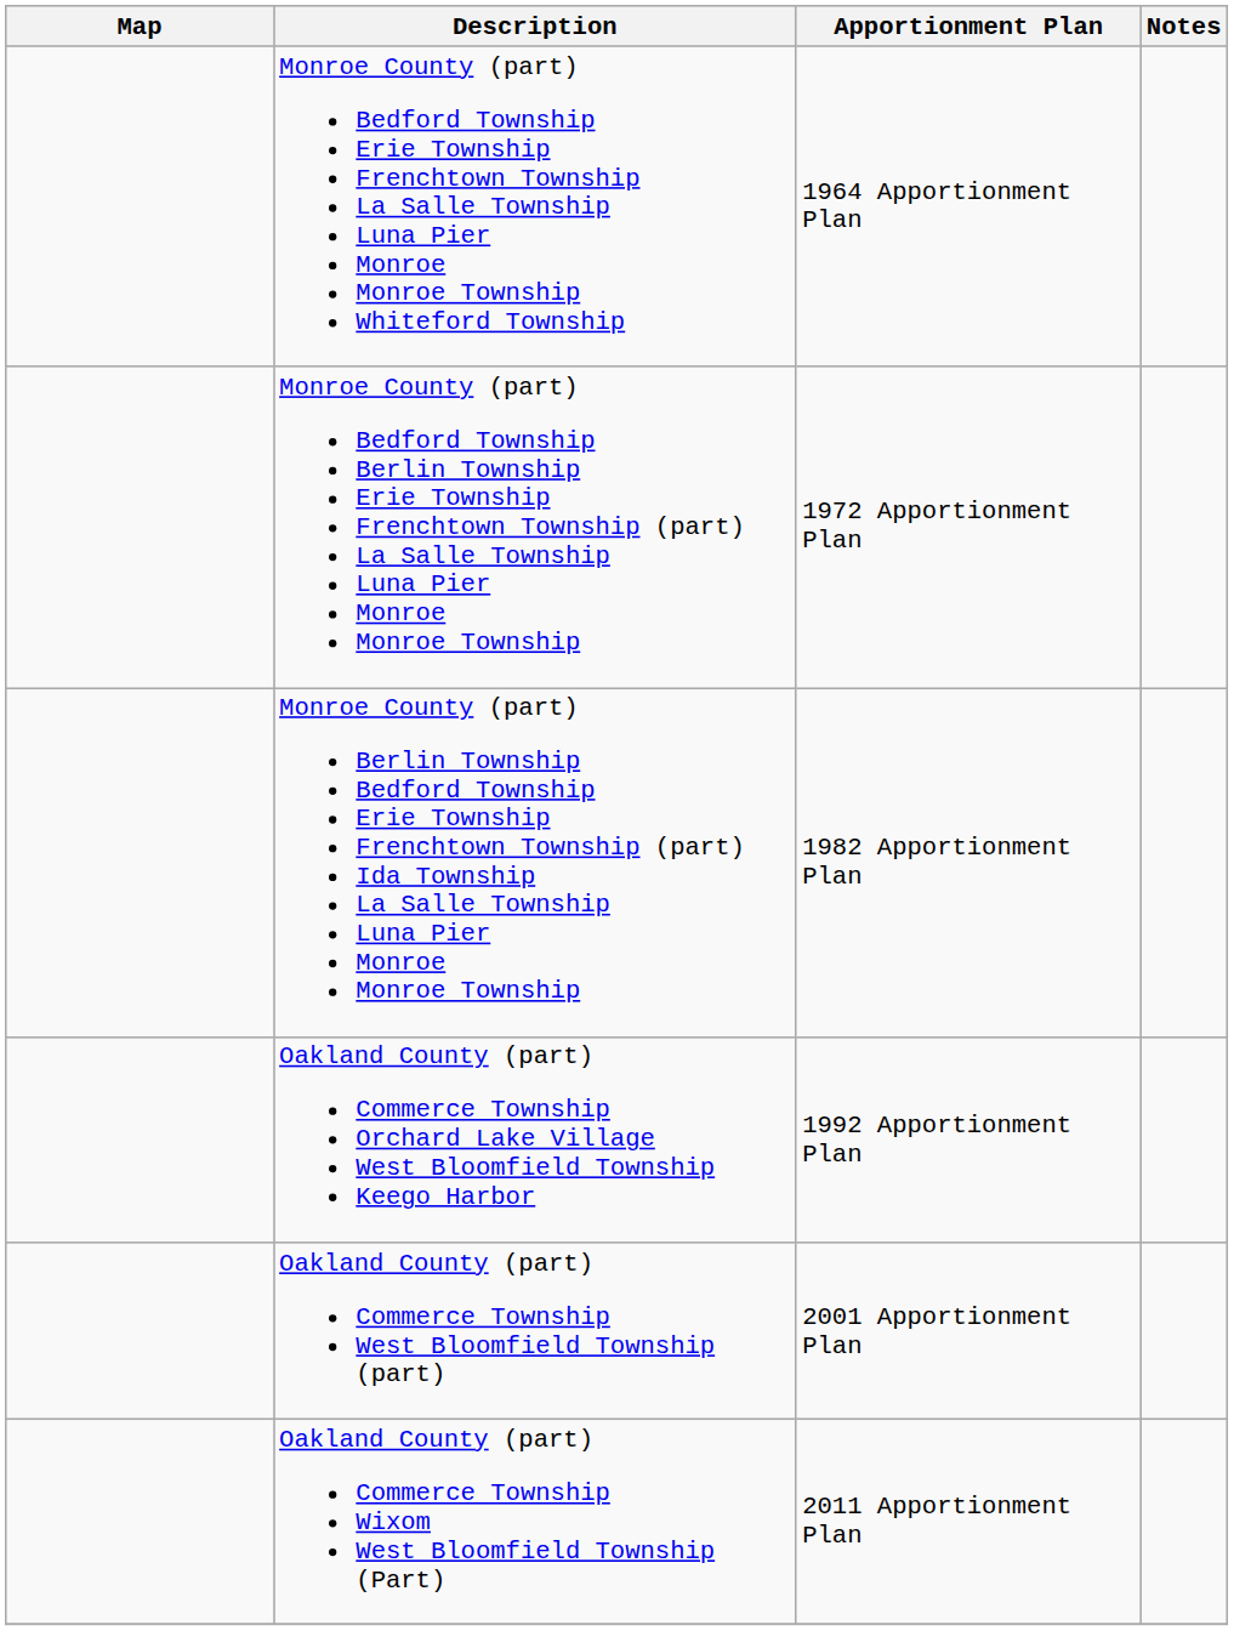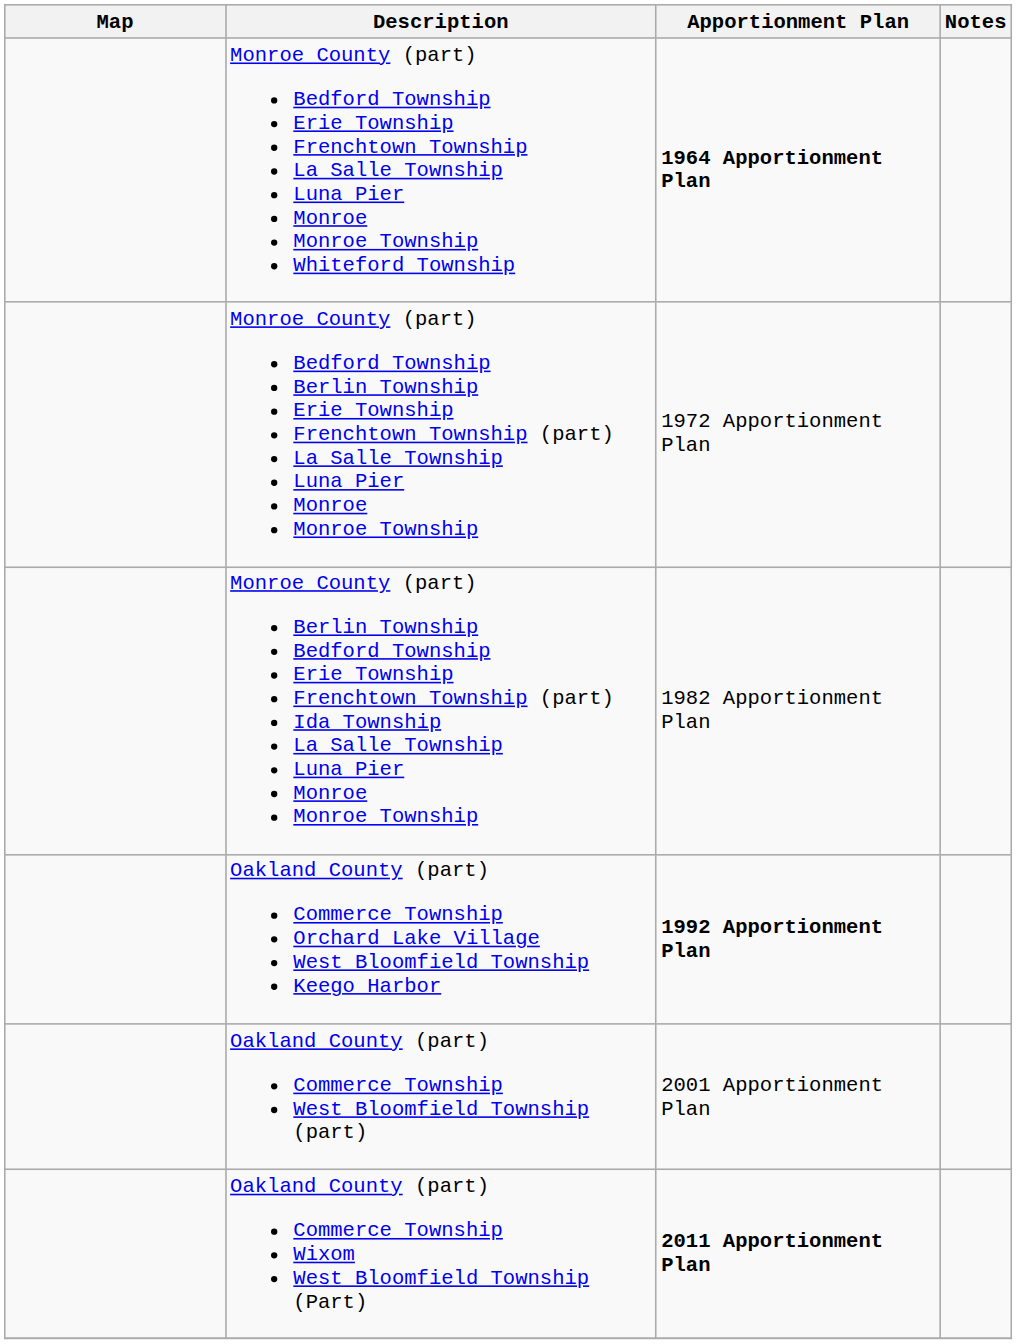 <table class="wikitable sortable">
 <tr>
 <th style="width:100pt;">Map</th>
 <th style="width:200pt;">Description</th>
 <th style="width:130pt;">Apportionment Plan</th>
 <th style="width:15pt;">Notes</th>
 </tr>
 <tr>
 <td></td>
 <td><a href='#'>Monroe County</a> (part)<br><ul><li><a href='#'>Bedford Township</a></li><li><a href='#'>Erie Township</a></li><li><a href='#'>Frenchtown Township</a></li><li><a href='#'>La Salle Township</a></li><li><a href='#'>Luna Pier</a></li><li><a href='#'>Monroe</a></li><li><a href='#'>Monroe Township</a></li><li><a href='#'>Whiteford Township</a></li></ul></td>
-<td>1964 Apportionment Plan</td>
+<td><strong>1964 Apportionment Plan</strong></td>
 <td></td>
 </tr>
 <tr>
 <td></td>
 <td><a href='#'>Monroe County</a> (part)<br><ul><li><a href='#'>Bedford Township</a></li><li><a href='#'>Berlin Township</a></li><li><a href='#'>Erie Township</a></li><li><a href='#'>Frenchtown Township</a> (part)</li><li><a href='#'>La Salle Township</a></li><li><a href='#'>Luna Pier</a></li><li><a href='#'>Monroe</a></li><li><a href='#'>Monroe Township</a></li></ul></td>
 <td>1972 Apportionment Plan</td>
 <td></td>
 </tr>
 <tr>
 <td></td>
 <td><a href='#'>Monroe County</a> (part)<br><ul><li><a href='#'>Berlin Township</a></li><li><a href='#'>Bedford Township</a></li><li><a href='#'>Erie Township</a></li><li><a href='#'>Frenchtown Township</a> (part)</li><li><a href='#'>Ida Township</a></li><li><a href='#'>La Salle Township</a></li><li><a href='#'>Luna Pier</a></li><li><a href='#'>Monroe</a></li><li><a href='#'>Monroe Township</a></li></ul></td>
 <td>1982 Apportionment Plan</td>
 <td></td>
 </tr>
 <tr>
 <td></td>
 <td><a href='#'>Oakland County</a> (part)<br><ul><li><a href='#'>Commerce Township</a></li><li><a href='#'>Orchard Lake Village</a></li><li><a href='#'>West Bloomfield Township</a></li><li><a href='#'>Keego Harbor</a></li></ul></td>
-<td>1992 Apportionment Plan</td>
+<td><strong>1992 Apportionment Plan</strong></td>
 <td></td>
 </tr>
 <tr>
 <td></td>
 <td><a href='#'>Oakland County</a> (part)<br><ul><li><a href='#'>Commerce Township</a></li><li><a href='#'>West Bloomfield Township</a> (part)</li></ul></td>
 <td>2001 Apportionment Plan</td>
 <td></td>
 </tr>
 <tr>
 <td></td>
 <td><a href='#'>Oakland County</a> (part)<br><ul><li><a href='#'>Commerce Township</a></li><li><a href='#'>Wixom</a></li><li><a href='#'>West Bloomfield Township</a> (Part)</li></ul></td>
-<td>2011 Apportionment Plan</td>
+<td><strong>2011 Apportionment Plan</strong></td>
 <td></td>
 </tr>
 <tr>
 </tr>
 </table>
